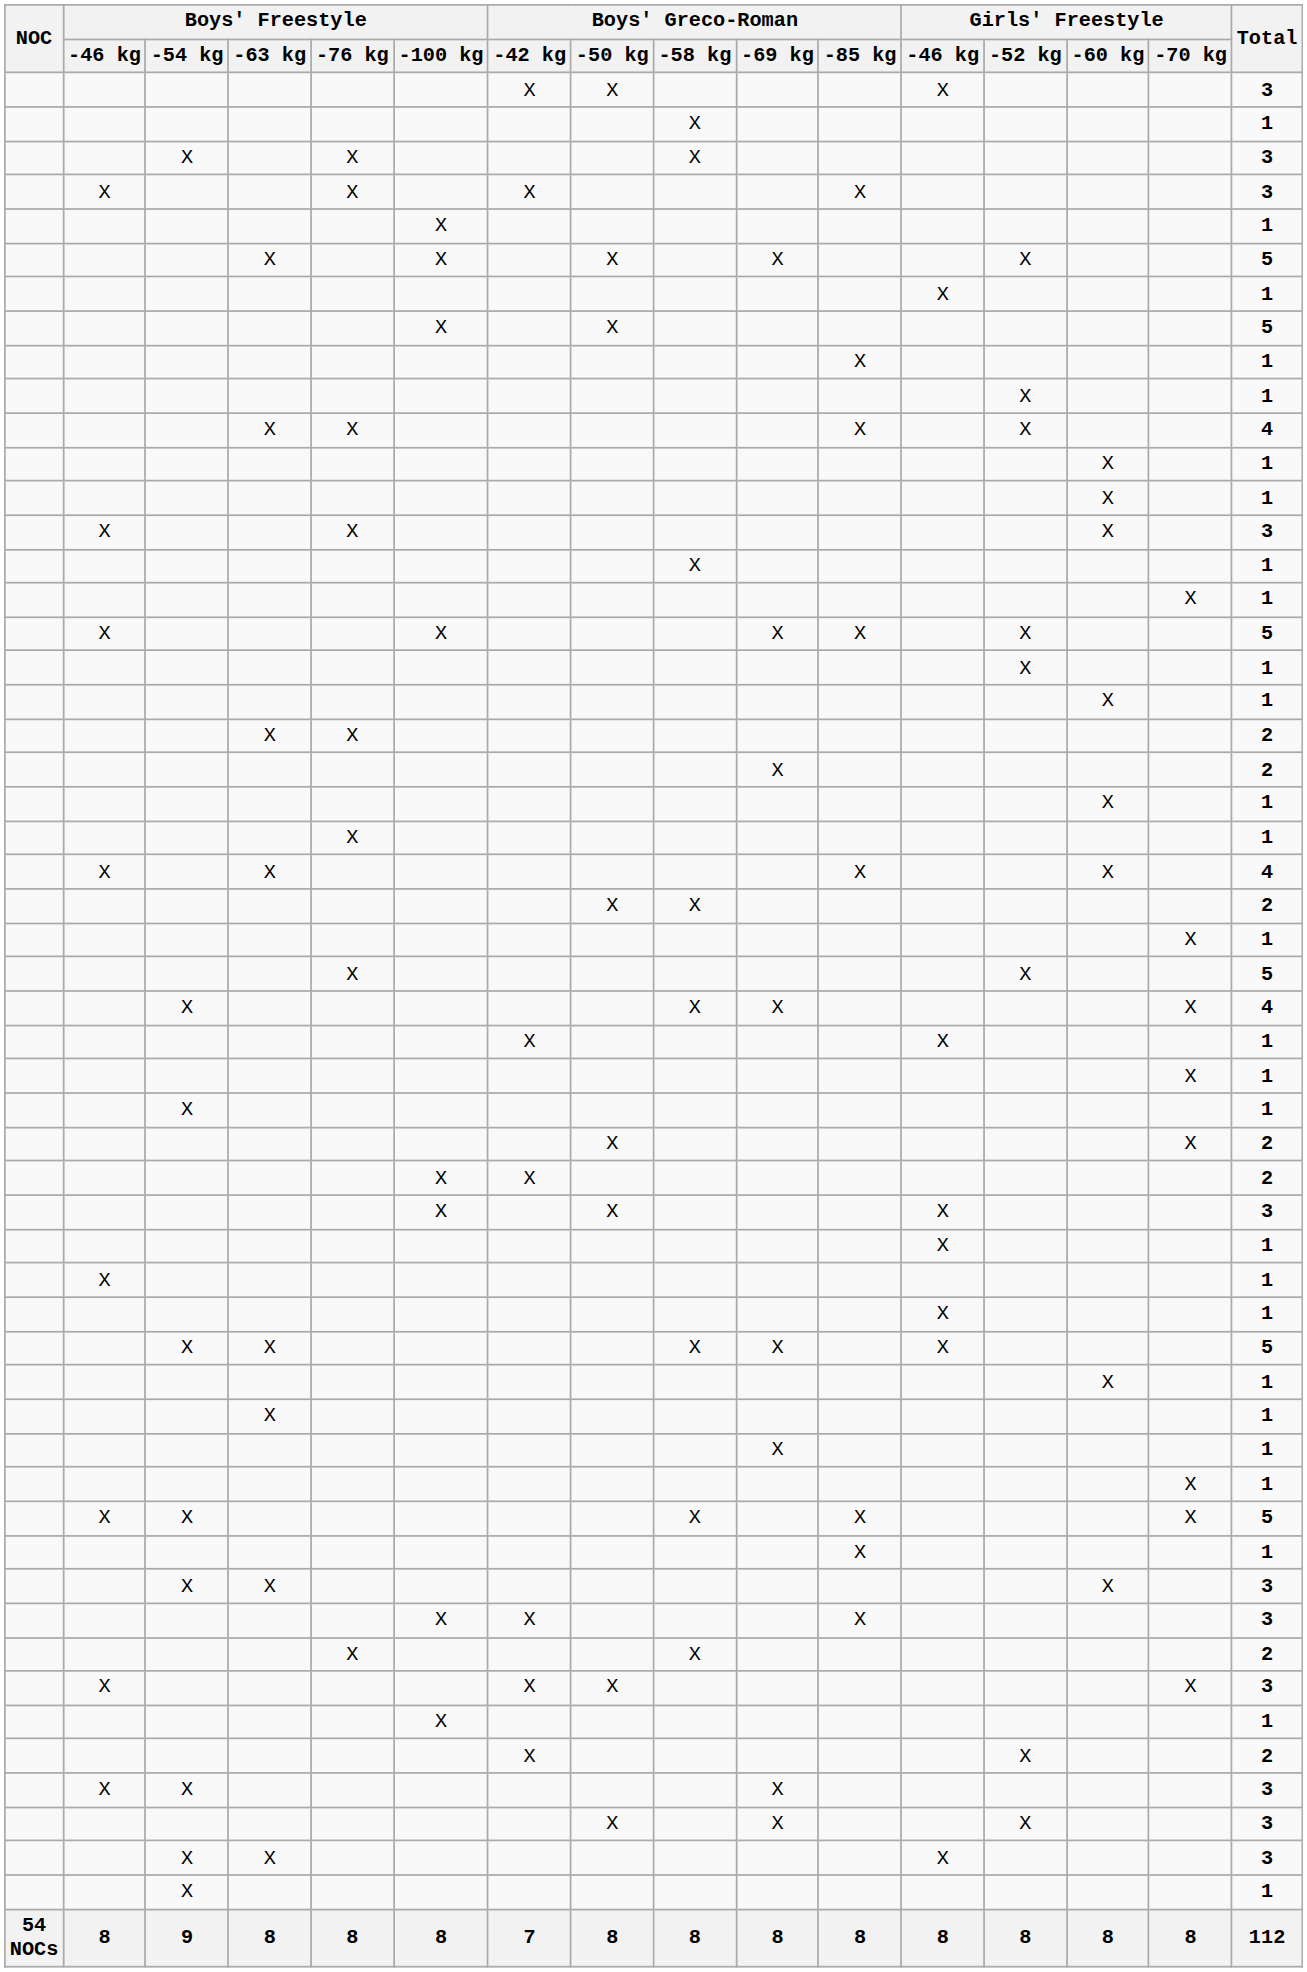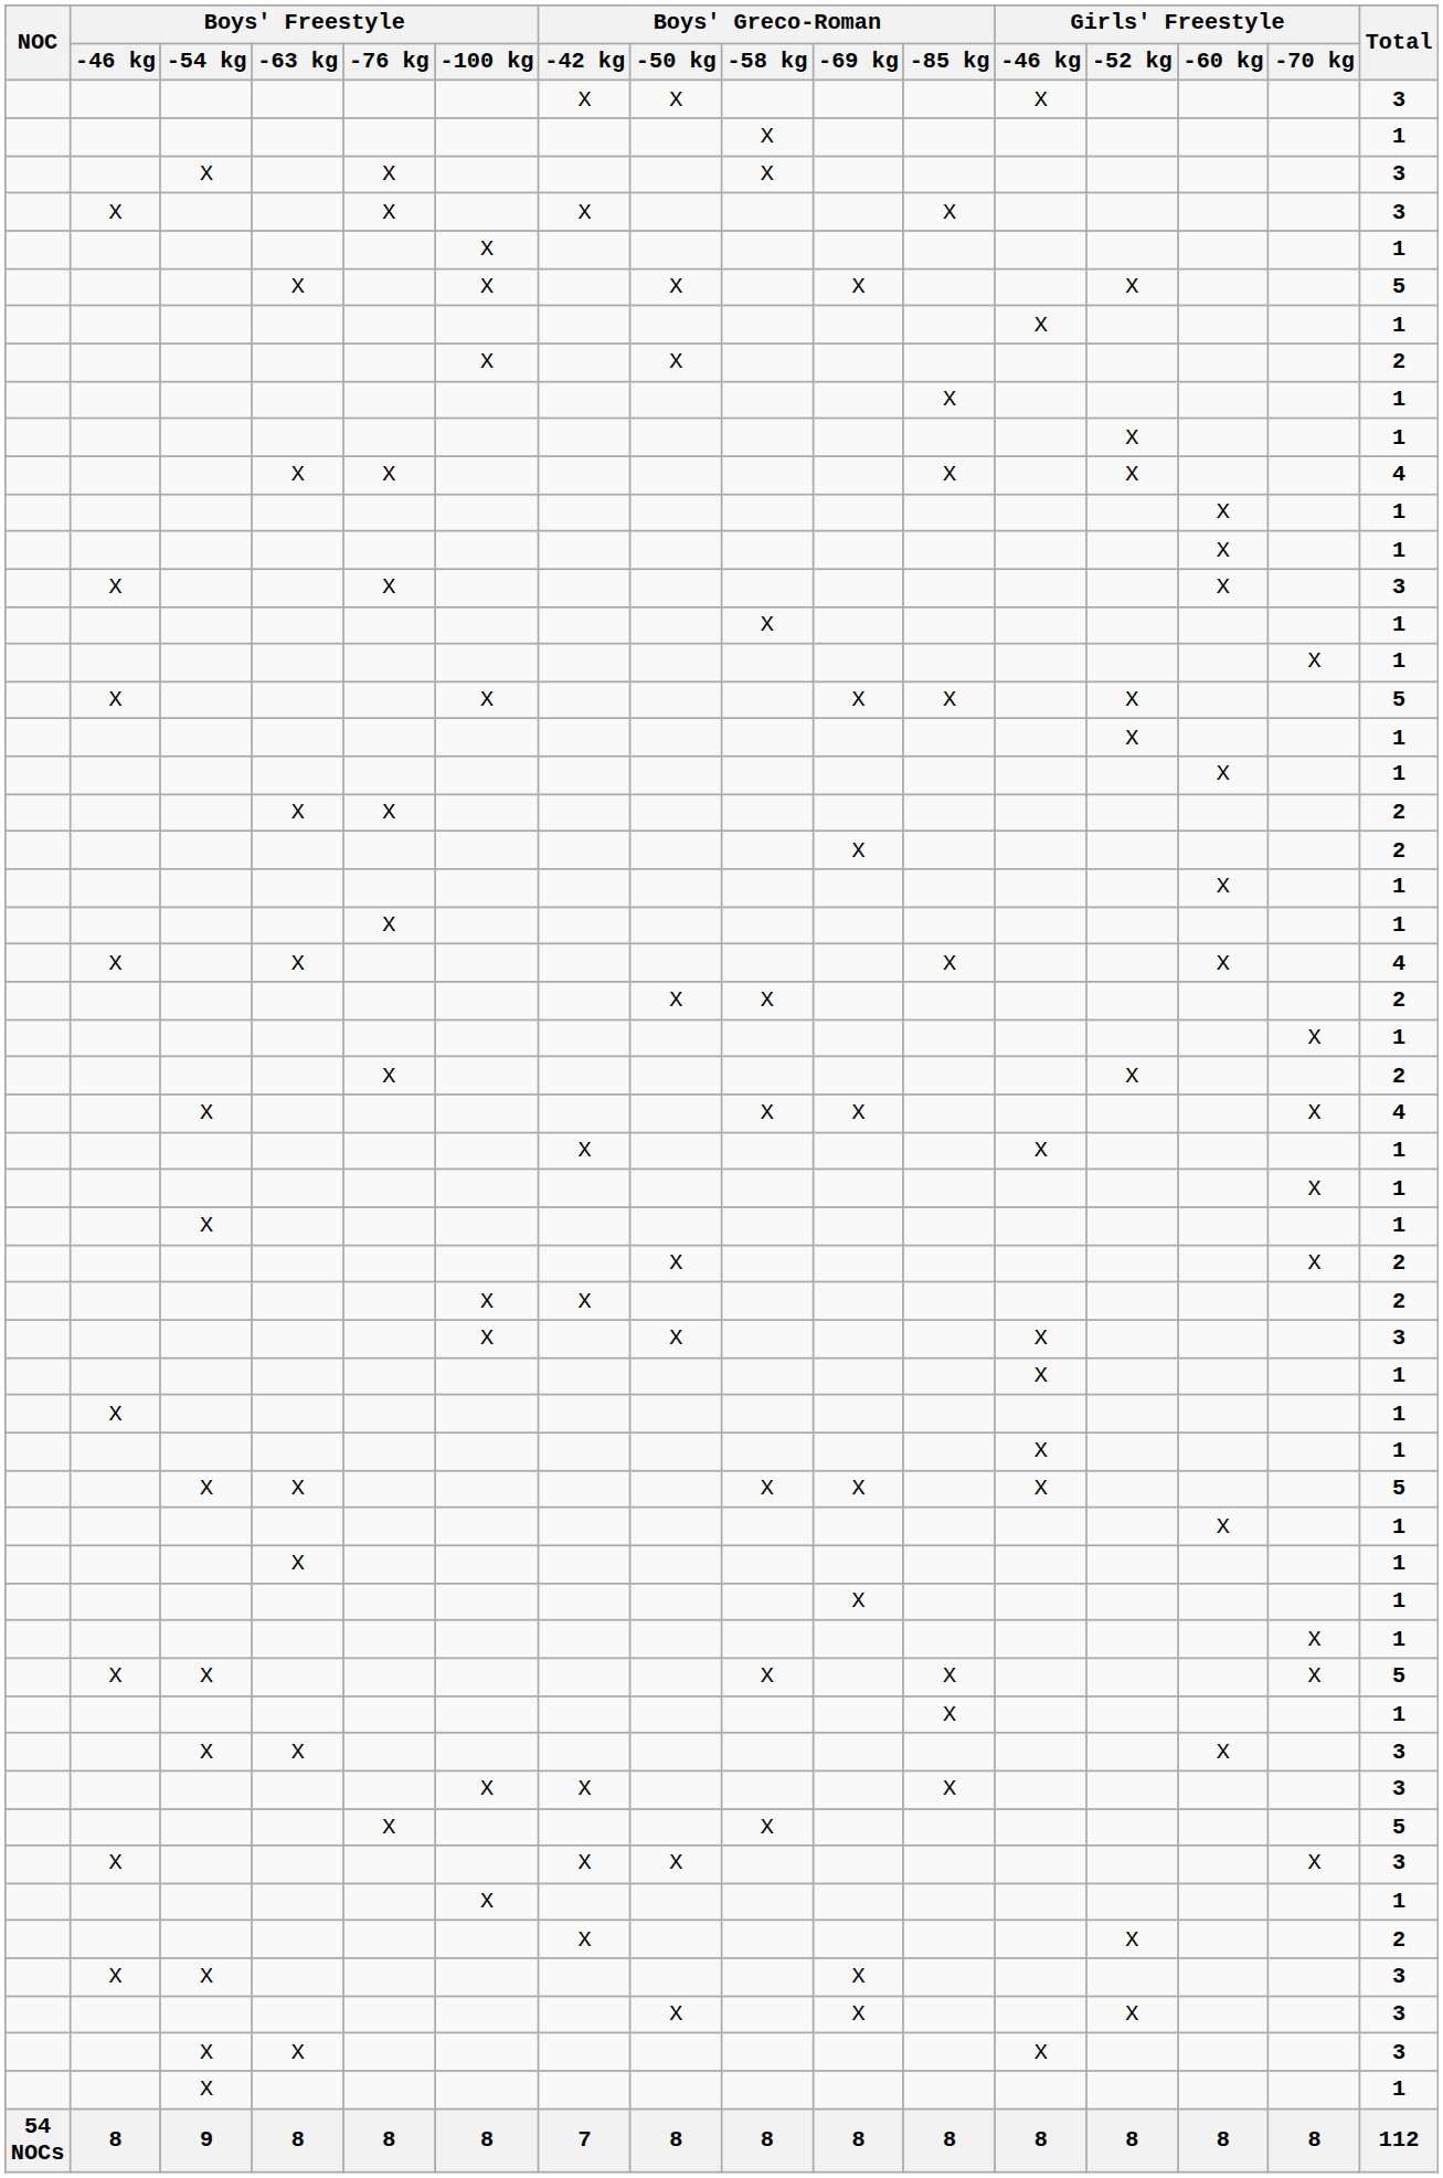 <table class="wikitable" style="text-align:center; font-size:90%">
 <tr>
 <th rowspan="2" width=200 align="left">NOC</th>
 <th colspan="5">Boys' Freestyle</th>
 <th colspan="5">Boys' Greco-Roman</th>
 <th colspan="4">Girls' Freestyle</th>
 <th width=55 rowspan="2">Total</th>
 </tr>
 <tr>
 <th width=45>-46 kg</th>
 <th width=45>-54 kg</th>
 <th width=45>-63 kg</th>
 <th width=45>-76 kg</th>
 <th width=45>-100 kg</th>
 <th width=45>-42 kg</th>
 <th width=45>-50 kg</th>
 <th width=45>-58 kg</th>
 <th width=45>-69 kg</th>
 <th width=45>-85 kg</th>
 <th width=45>-46 kg</th>
 <th width=45>-52 kg</th>
 <th width=45>-60 kg</th>
 <th width=45>-70 kg</th>
 </tr>
 <tr>
 <td align="left"></td>
 <td></td>
 <td></td>
 <td></td>
 <td></td>
 <td></td>
 <td>X</td>
 <td>X</td>
 <td></td>
 <td></td>
 <td></td>
 <td>X</td>
 <td></td>
 <td></td>
 <td></td>
 <td><strong>3</strong></td>
 </tr>
 <tr>
 <td align="left"></td>
 <td></td>
 <td></td>
 <td></td>
 <td></td>
 <td></td>
 <td></td>
 <td></td>
 <td>X</td>
 <td></td>
 <td></td>
 <td></td>
 <td></td>
 <td></td>
 <td></td>
 <td><strong>1</strong></td>
 </tr>
 <tr>
 <td align="left"></td>
 <td></td>
 <td>X</td>
 <td></td>
 <td>X</td>
 <td></td>
 <td></td>
 <td></td>
 <td>X</td>
 <td></td>
 <td></td>
 <td></td>
 <td></td>
 <td></td>
 <td></td>
 <td><strong>3</strong></td>
 </tr>
 <tr>
 <td align="left"></td>
 <td>X</td>
 <td></td>
 <td></td>
 <td>X</td>
 <td></td>
 <td>X</td>
 <td></td>
 <td></td>
 <td></td>
 <td>X</td>
 <td></td>
 <td></td>
 <td></td>
 <td></td>
 <td><strong>3</strong></td>
 </tr>
 <tr>
 <td align="left"></td>
 <td></td>
 <td></td>
 <td></td>
 <td></td>
 <td>X</td>
 <td></td>
 <td></td>
 <td></td>
 <td></td>
 <td></td>
 <td></td>
 <td></td>
 <td></td>
 <td></td>
 <td><strong>1</strong></td>
 </tr>
 <tr>
 <td align="left"></td>
 <td></td>
 <td></td>
 <td>X</td>
 <td></td>
 <td>X</td>
 <td></td>
 <td>X</td>
 <td></td>
 <td>X</td>
 <td></td>
 <td></td>
 <td>X</td>
 <td></td>
 <td></td>
 <td><strong>5</strong></td>
 </tr>
 <tr>
 <td align="left"></td>
 <td></td>
 <td></td>
 <td></td>
 <td></td>
 <td></td>
 <td></td>
 <td></td>
 <td></td>
 <td></td>
 <td></td>
 <td>X</td>
 <td></td>
 <td></td>
 <td></td>
 <td><strong>1</strong></td>
 </tr>
 <tr>
 <td align="left"></td>
 <td></td>
 <td></td>
 <td></td>
 <td></td>
 <td>X</td>
 <td></td>
 <td>X</td>
 <td></td>
 <td></td>
 <td></td>
 <td></td>
 <td></td>
 <td></td>
 <td></td>
-<td><strong>5</strong></td>
+<td><strong>2</strong></td>
 </tr>
 <tr>
 <td align="left"></td>
 <td></td>
 <td></td>
 <td></td>
 <td></td>
 <td></td>
 <td></td>
 <td></td>
 <td></td>
 <td></td>
 <td>X</td>
 <td></td>
 <td></td>
 <td></td>
 <td></td>
 <td><strong>1</strong></td>
 </tr>
 <tr>
 <td align="left"></td>
 <td></td>
 <td></td>
 <td></td>
 <td></td>
 <td></td>
 <td></td>
 <td></td>
 <td></td>
 <td></td>
 <td></td>
 <td></td>
 <td>X</td>
 <td></td>
 <td></td>
 <td><strong>1</strong></td>
 </tr>
 <tr>
 <td align="left"></td>
 <td></td>
 <td></td>
 <td>X</td>
 <td>X</td>
 <td></td>
 <td></td>
 <td></td>
 <td></td>
 <td></td>
 <td>X</td>
 <td></td>
 <td>X</td>
 <td></td>
 <td></td>
 <td><strong>4</strong></td>
 </tr>
 <tr>
 <td align="left"></td>
 <td></td>
 <td></td>
 <td></td>
 <td></td>
 <td></td>
 <td></td>
 <td></td>
 <td></td>
 <td></td>
 <td></td>
 <td></td>
 <td></td>
 <td>X</td>
 <td></td>
 <td><strong>1</strong></td>
 </tr>
 <tr>
 <td align="left"></td>
 <td></td>
 <td></td>
 <td></td>
 <td></td>
 <td></td>
 <td></td>
 <td></td>
 <td></td>
 <td></td>
 <td></td>
 <td></td>
 <td></td>
 <td>X</td>
 <td></td>
 <td><strong>1</strong></td>
 </tr>
 <tr>
 <td align="left"></td>
 <td>X</td>
 <td></td>
 <td></td>
 <td>X</td>
 <td></td>
 <td></td>
 <td></td>
 <td></td>
 <td></td>
 <td></td>
 <td></td>
 <td></td>
 <td>X</td>
 <td></td>
 <td><strong>3</strong></td>
 </tr>
 <tr>
 <td align="left"></td>
 <td></td>
 <td></td>
 <td></td>
 <td></td>
 <td></td>
 <td></td>
 <td></td>
 <td>X</td>
 <td></td>
 <td></td>
 <td></td>
 <td></td>
 <td></td>
 <td></td>
 <td><strong>1</strong></td>
 </tr>
 <tr>
 <td align="left"></td>
 <td></td>
 <td></td>
 <td></td>
 <td></td>
 <td></td>
 <td></td>
 <td></td>
 <td></td>
 <td></td>
 <td></td>
 <td></td>
 <td></td>
 <td></td>
 <td>X</td>
 <td><strong>1</strong></td>
 </tr>
 <tr>
 <td align="left"></td>
 <td>X</td>
 <td></td>
 <td></td>
 <td></td>
 <td>X</td>
 <td></td>
 <td></td>
 <td></td>
 <td>X</td>
 <td>X</td>
 <td></td>
 <td>X</td>
 <td></td>
 <td></td>
 <td><strong>5</strong></td>
 </tr>
 <tr>
 <td align="left"></td>
 <td></td>
 <td></td>
 <td></td>
 <td></td>
 <td></td>
 <td></td>
 <td></td>
 <td></td>
 <td></td>
 <td></td>
 <td></td>
 <td>X</td>
 <td></td>
 <td></td>
 <td><strong>1</strong></td>
 </tr>
 <tr>
 <td align="left"></td>
 <td></td>
 <td></td>
 <td></td>
 <td></td>
 <td></td>
 <td></td>
 <td></td>
 <td></td>
 <td></td>
 <td></td>
 <td></td>
 <td></td>
 <td>X</td>
 <td></td>
 <td><strong>1</strong></td>
 </tr>
 <tr>
 <td align="left"></td>
 <td></td>
 <td></td>
 <td>X</td>
 <td>X</td>
 <td></td>
 <td></td>
 <td></td>
 <td></td>
 <td></td>
 <td></td>
 <td></td>
 <td></td>
 <td></td>
 <td></td>
 <td><strong>2</strong></td>
 </tr>
 <tr>
 <td align="left"></td>
 <td></td>
 <td></td>
 <td></td>
 <td></td>
 <td></td>
 <td></td>
 <td></td>
 <td></td>
 <td>X</td>
 <td></td>
 <td></td>
 <td></td>
 <td></td>
 <td></td>
 <td><strong>2</strong></td>
 </tr>
 <tr>
 <td align="left"></td>
 <td></td>
 <td></td>
 <td></td>
 <td></td>
 <td></td>
 <td></td>
 <td></td>
 <td></td>
 <td></td>
 <td></td>
 <td></td>
 <td></td>
 <td>X</td>
 <td></td>
 <td><strong>1</strong></td>
 </tr>
 <tr>
 <td align="left"></td>
 <td></td>
 <td></td>
 <td></td>
 <td>X</td>
 <td></td>
 <td></td>
 <td></td>
 <td></td>
 <td></td>
 <td></td>
 <td></td>
 <td></td>
 <td></td>
 <td></td>
 <td><strong>1</strong></td>
 </tr>
 <tr>
 <td align="left"></td>
 <td>X</td>
 <td></td>
 <td>X</td>
 <td></td>
 <td></td>
 <td></td>
 <td></td>
 <td></td>
 <td></td>
 <td>X</td>
 <td></td>
 <td></td>
 <td>X</td>
 <td></td>
 <td><strong>4</strong></td>
 </tr>
 <tr>
 <td align="left"></td>
 <td></td>
 <td></td>
 <td></td>
 <td></td>
 <td></td>
 <td></td>
 <td>X</td>
 <td>X</td>
 <td></td>
 <td></td>
 <td></td>
 <td></td>
 <td></td>
 <td></td>
 <td><strong>2</strong></td>
 </tr>
 <tr>
 <td align="left"></td>
 <td></td>
 <td></td>
 <td></td>
 <td></td>
 <td></td>
 <td></td>
 <td></td>
 <td></td>
 <td></td>
 <td></td>
 <td></td>
 <td></td>
 <td></td>
 <td>X</td>
 <td><strong>1</strong></td>
 </tr>
 <tr>
 <td align="left"></td>
 <td></td>
 <td></td>
 <td></td>
 <td>X</td>
 <td></td>
 <td></td>
 <td></td>
 <td></td>
 <td></td>
 <td></td>
 <td></td>
 <td>X</td>
 <td></td>
 <td></td>
-<td><strong>5</strong></td>
+<td><strong>2</strong></td>
 </tr>
 <tr>
 <td align="left"></td>
 <td></td>
 <td>X</td>
 <td></td>
 <td></td>
 <td></td>
 <td></td>
 <td></td>
 <td>X</td>
 <td>X</td>
 <td></td>
 <td></td>
 <td></td>
 <td></td>
 <td>X</td>
 <td><strong>4</strong></td>
 </tr>
 <tr>
 <td align="left"></td>
 <td></td>
 <td></td>
 <td></td>
 <td></td>
 <td></td>
 <td>X</td>
 <td></td>
 <td></td>
 <td></td>
 <td></td>
 <td>X</td>
 <td></td>
 <td></td>
 <td></td>
 <td><strong>1</strong></td>
 </tr>
 <tr>
 <td align="left"></td>
 <td></td>
 <td></td>
 <td></td>
 <td></td>
 <td></td>
 <td></td>
 <td></td>
 <td></td>
 <td></td>
 <td></td>
 <td></td>
 <td></td>
 <td></td>
 <td>X</td>
 <td><strong>1</strong></td>
 </tr>
 <tr>
 <td align="left"></td>
 <td></td>
 <td>X</td>
 <td></td>
 <td></td>
 <td></td>
 <td></td>
 <td></td>
 <td></td>
 <td></td>
 <td></td>
 <td></td>
 <td></td>
 <td></td>
 <td></td>
 <td><strong>1</strong></td>
 </tr>
 <tr>
 <td align="left"></td>
 <td></td>
 <td></td>
 <td></td>
 <td></td>
 <td></td>
 <td></td>
 <td>X</td>
 <td></td>
 <td></td>
 <td></td>
 <td></td>
 <td></td>
 <td></td>
 <td>X</td>
 <td><strong>2</strong></td>
 </tr>
 <tr>
 <td align="left"></td>
 <td></td>
 <td></td>
 <td></td>
 <td></td>
 <td>X</td>
 <td>X</td>
 <td></td>
 <td></td>
 <td></td>
 <td></td>
 <td></td>
 <td></td>
 <td></td>
 <td></td>
 <td><strong>2</strong></td>
 </tr>
 <tr>
 <td align="left"></td>
 <td></td>
 <td></td>
 <td></td>
 <td></td>
 <td>X</td>
 <td></td>
 <td>X</td>
 <td></td>
 <td></td>
 <td></td>
 <td>X</td>
 <td></td>
 <td></td>
 <td></td>
 <td><strong>3</strong></td>
 </tr>
 <tr>
 <td align="left"></td>
 <td></td>
 <td></td>
 <td></td>
 <td></td>
 <td></td>
 <td></td>
 <td></td>
 <td></td>
 <td></td>
 <td></td>
 <td>X</td>
 <td></td>
 <td></td>
 <td></td>
 <td><strong>1</strong></td>
 </tr>
 <tr>
 <td align="left"></td>
 <td>X</td>
 <td></td>
 <td></td>
 <td></td>
 <td></td>
 <td></td>
 <td></td>
 <td></td>
 <td></td>
 <td></td>
 <td></td>
 <td></td>
 <td></td>
 <td></td>
 <td><strong>1</strong></td>
 </tr>
 <tr>
 <td align="left"></td>
 <td></td>
 <td></td>
 <td></td>
 <td></td>
 <td></td>
 <td></td>
 <td></td>
 <td></td>
 <td></td>
 <td></td>
 <td>X</td>
 <td></td>
 <td></td>
 <td></td>
 <td><strong>1</strong></td>
 </tr>
 <tr>
 <td align="left"></td>
 <td></td>
 <td>X</td>
 <td>X</td>
 <td></td>
 <td></td>
 <td></td>
 <td></td>
 <td>X</td>
 <td>X</td>
 <td></td>
 <td>X</td>
 <td></td>
 <td></td>
 <td></td>
 <td><strong>5</strong></td>
 </tr>
 <tr>
 <td align="left"></td>
 <td></td>
 <td></td>
 <td></td>
 <td></td>
 <td></td>
 <td></td>
 <td></td>
 <td></td>
 <td></td>
 <td></td>
 <td></td>
 <td></td>
 <td>X</td>
 <td></td>
 <td><strong>1</strong></td>
 </tr>
 <tr>
 <td align="left"></td>
 <td></td>
 <td></td>
 <td>X</td>
 <td></td>
 <td></td>
 <td></td>
 <td></td>
 <td></td>
 <td></td>
 <td></td>
 <td></td>
 <td></td>
 <td></td>
 <td></td>
 <td><strong>1</strong></td>
 </tr>
 <tr>
 <td align="left"></td>
 <td></td>
 <td></td>
 <td></td>
 <td></td>
 <td></td>
 <td></td>
 <td></td>
 <td></td>
 <td>X</td>
 <td></td>
 <td></td>
 <td></td>
 <td></td>
 <td></td>
 <td><strong>1</strong></td>
 </tr>
 <tr>
 <td align="left"></td>
 <td></td>
 <td></td>
 <td></td>
 <td></td>
 <td></td>
 <td></td>
 <td></td>
 <td></td>
 <td></td>
 <td></td>
 <td></td>
 <td></td>
 <td></td>
 <td>X</td>
 <td><strong>1</strong></td>
 </tr>
 <tr>
 <td align="left"></td>
 <td>X</td>
 <td>X</td>
 <td></td>
 <td></td>
 <td></td>
 <td></td>
 <td></td>
 <td>X</td>
 <td></td>
 <td>X</td>
 <td></td>
 <td></td>
 <td></td>
 <td>X</td>
 <td><strong>5</strong></td>
 </tr>
 <tr>
 <td align="left"></td>
 <td></td>
 <td></td>
 <td></td>
 <td></td>
 <td></td>
 <td></td>
 <td></td>
 <td></td>
 <td></td>
 <td>X</td>
 <td></td>
 <td></td>
 <td></td>
 <td></td>
 <td><strong>1</strong></td>
 </tr>
 <tr>
 <td align="left"></td>
 <td></td>
 <td>X</td>
 <td>X</td>
 <td></td>
 <td></td>
 <td></td>
 <td></td>
 <td></td>
 <td></td>
 <td></td>
 <td></td>
 <td></td>
 <td>X</td>
 <td></td>
 <td><strong>3</strong></td>
 </tr>
 <tr>
 <td align="left"></td>
 <td></td>
 <td></td>
 <td></td>
 <td></td>
 <td>X</td>
 <td>X</td>
 <td></td>
 <td></td>
 <td></td>
 <td>X</td>
 <td></td>
 <td></td>
 <td></td>
 <td></td>
 <td><strong>3</strong></td>
 </tr>
 <tr>
 <td align="left"></td>
 <td></td>
 <td></td>
 <td></td>
 <td>X</td>
 <td></td>
 <td></td>
 <td></td>
 <td>X</td>
 <td></td>
 <td></td>
 <td></td>
 <td></td>
 <td></td>
 <td></td>
-<td><strong>2</strong></td>
+<td><strong>5</strong></td>
 </tr>
 <tr>
 <td align="left"></td>
 <td>X</td>
 <td></td>
 <td></td>
 <td></td>
 <td></td>
 <td>X</td>
 <td>X</td>
 <td></td>
 <td></td>
 <td></td>
 <td></td>
 <td></td>
 <td></td>
 <td>X</td>
 <td><strong>3</strong></td>
 </tr>
 <tr>
 <td align="left"></td>
 <td></td>
 <td></td>
 <td></td>
 <td></td>
 <td>X</td>
 <td></td>
 <td></td>
 <td></td>
 <td></td>
 <td></td>
 <td></td>
 <td></td>
 <td></td>
 <td></td>
 <td><strong>1</strong></td>
 </tr>
 <tr>
 <td align="left"></td>
 <td></td>
 <td></td>
 <td></td>
 <td></td>
 <td></td>
 <td>X</td>
 <td></td>
 <td></td>
 <td></td>
 <td></td>
 <td></td>
 <td>X</td>
 <td></td>
 <td></td>
 <td><strong>2</strong></td>
 </tr>
 <tr>
 <td align="left"></td>
 <td>X</td>
 <td>X</td>
 <td></td>
 <td></td>
 <td></td>
 <td></td>
 <td></td>
 <td></td>
 <td>X</td>
 <td></td>
 <td></td>
 <td></td>
 <td></td>
 <td></td>
 <td><strong>3</strong></td>
 </tr>
 <tr>
 <td align="left"></td>
 <td></td>
 <td></td>
 <td></td>
 <td></td>
 <td></td>
 <td></td>
 <td>X</td>
 <td></td>
 <td>X</td>
 <td></td>
 <td></td>
 <td>X</td>
 <td></td>
 <td></td>
 <td><strong>3</strong></td>
 </tr>
 <tr>
 <td align="left"></td>
 <td></td>
 <td>X</td>
 <td>X</td>
 <td></td>
 <td></td>
 <td></td>
 <td></td>
 <td></td>
 <td></td>
 <td></td>
 <td>X</td>
 <td></td>
 <td></td>
 <td></td>
 <td><strong>3</strong></td>
 </tr>
 <tr>
 <td align="left"></td>
 <td></td>
 <td>X</td>
 <td></td>
 <td></td>
 <td></td>
 <td></td>
 <td></td>
 <td></td>
 <td></td>
 <td></td>
 <td></td>
 <td></td>
 <td></td>
 <td></td>
 <td><strong>1</strong></td>
 </tr>
 <tr>
 <th>54 NOCs</th>
 <th>8</th>
 <th>9</th>
 <th>8</th>
 <th>8</th>
 <th>8</th>
 <th>7</th>
 <th>8</th>
 <th>8</th>
 <th>8</th>
 <th>8</th>
 <th>8</th>
 <th>8</th>
 <th>8</th>
 <th>8</th>
 <th>112</th>
 </tr>
 </table>
